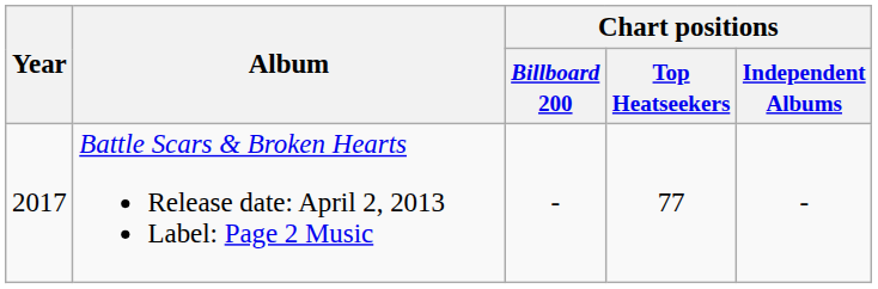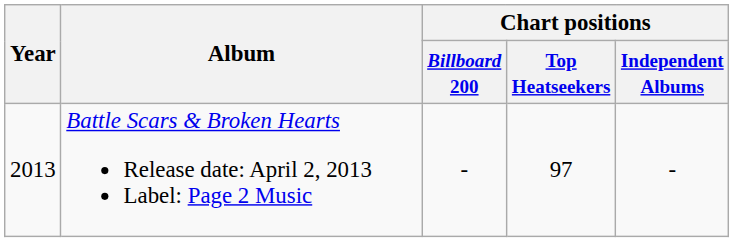 <table class="wikitable">
 <tr>
 <th style="width:18px;" rowspan="2">Year</th>
 <th style="width:245px;" rowspan="2">Album</th>
 <th colspan="3">Chart positions</th>
 </tr>
 <tr>
 <th style="width:50px;"><small><a href='#'><em>Billboard</em> 200</a></small></th>
 <th style="width:50px;"><small><a href='#'>Top Heatseekers</a></small></th>
 <th style="width:50px;"><small><a href='#'>Independent Albums</a></small></th>
 </tr>
 <tr>
-<td>2017</td>
+<td>2013</td>
 <td><em><a href='#'>Battle Scars & Broken Hearts</a></em><br><ul><li>Release date: April 2, 2013</li><li>Label: <a href='#'>Page 2 Music</a></li></ul></td>
 <td style="text-align:center;">-</td>
-<td style="text-align:center;">77</td>
+<td style="text-align:center;">97</td>
 <td style="text-align:center;">-</td>
 </tr>
 </table>
